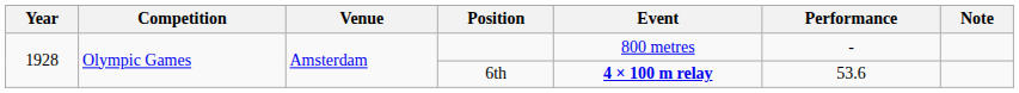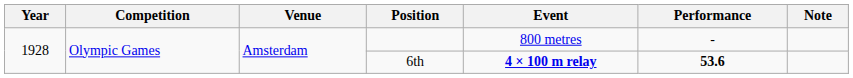 <table class="wikitable" width=55% style="font-size:90%; text-align:center;">
 <tr>
 <th>Year</th>
 <th>Competition</th>
 <th>Venue</th>
 <th>Position</th>
 <th>Event</th>
 <th>Performance</th>
 <th>Note</th>
 </tr>
 <tr>
 <td rowspan=2>1928</td>
 <td rowspan=2 align=left><a href='#'>Olympic Games</a></td>
 <td rowspan=2 align=left> <a href='#'>Amsterdam</a></td>
 <td></td>
 <td><a href='#'>800 metres</a></td>
 <td>-</td>
 <td></td>
 </tr>
 <tr>
 <td>6th</td>
 <td><strong><a href='#'>4 × 100 m relay</a></strong></td>
-<td>53.6</td>
+<td><strong>53.6</strong></td>
 <td></td>
 </tr>
 </table>
